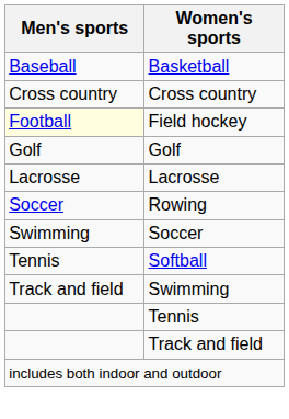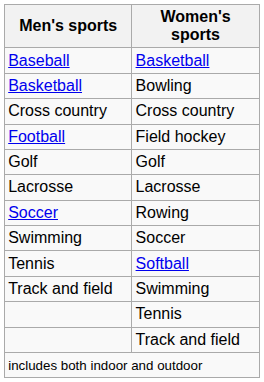 <table class= wikitable>
 <tr>
 <th width=120px>Men's sports</th>
 <th width=120px>Women's sports</th>
 </tr>
 <tr>
 <td><a href='#'>Baseball</a></td>
 <td><a href='#'>Basketball</a></td>
 </tr>
 <tr>
+<td><a href='#'>Basketball</a></td>
+<td>Bowling </td>
+</tr>
+<tr>
 <td>Cross country</td>
 <td>Cross country</td>
 </tr>
 <tr>
-<td style="background: lightyellow;"><a href='#'>Football</a></td>
+<td><a href='#'>Football</a></td>
 <td>Field hockey</td>
 </tr>
 <tr>
 <td>Golf</td>
 <td>Golf</td>
 </tr>
 <tr>
 <td>Lacrosse</td>
 <td>Lacrosse</td>
 </tr>
 <tr>
 <td><a href='#'>Soccer</a></td>
 <td>Rowing</td>
 </tr>
 <tr>
 <td>Swimming</td>
 <td>Soccer</td>
 </tr>
 <tr>
 <td>Tennis</td>
 <td><a href='#'>Softball</a></td>
 </tr>
 <tr>
 <td>Track and field</td>
 <td>Swimming</td>
 </tr>
 <tr>
 <td></td>
 <td>Tennis</td>
 </tr>
 <tr>
 <td></td>
 <td>Track and field</td>
 </tr>
 <tr>
 <td colspan=2><small> includes both indoor and outdoor</small></td>
 </tr>
 </table>
